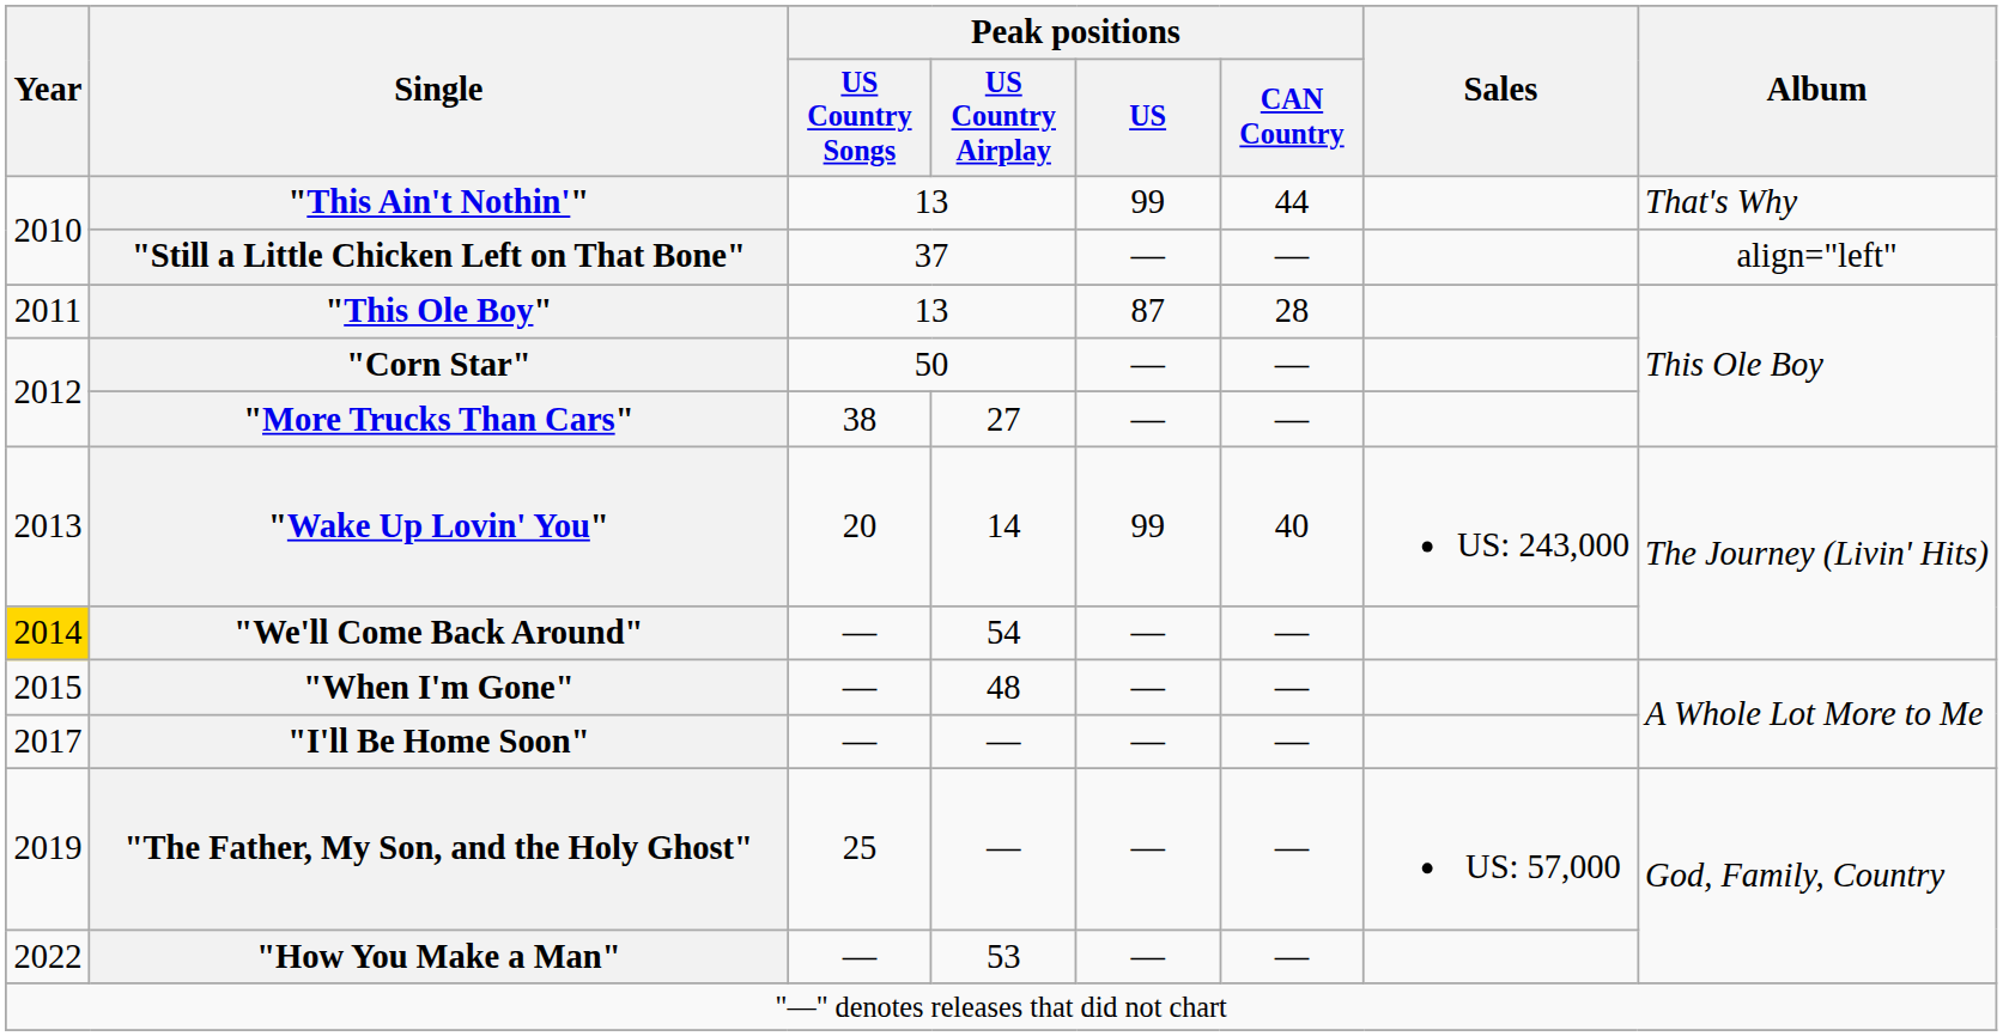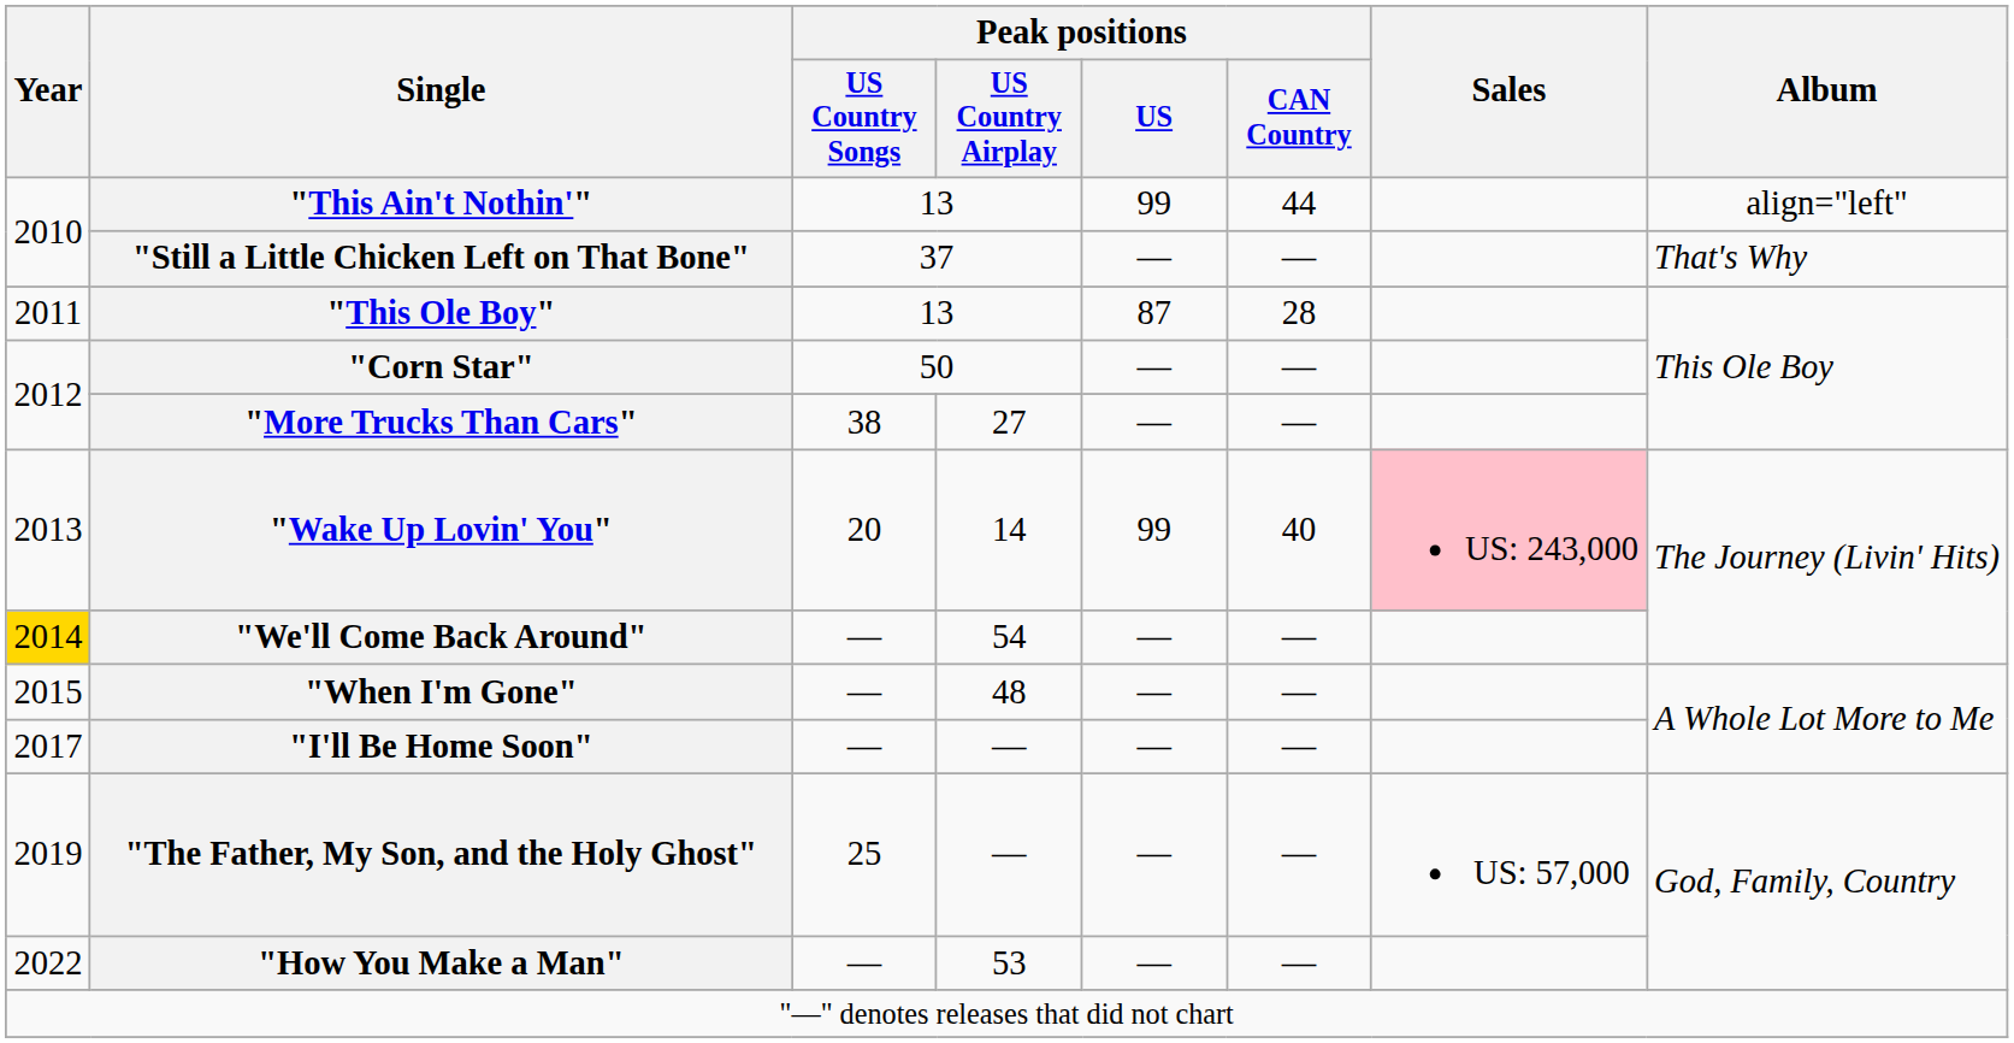 <table class="wikitable plainrowheaders" style="text-align:center;">
 <tr>
 <th scope="col" rowspan="2">Year</th>
 <th scope="col" rowspan="2" style="width:20em;">Single</th>
 <th scope="col" colspan="4">Peak positions</th>
 <th scope="col" rowspan="2">Sales</th>
 <th scope="col" rowspan="2">Album</th>
 </tr>
 <tr>
 <th scope="col" style="width:4.5em;font-size:85%;"><a href='#'>US Country Songs</a><br></th>
 <th scope="col" style="width:4.5em;font-size:85%;"><a href='#'>US Country Airplay</a><br></th>
 <th scope="col" style="width:4.5em;font-size:85%;"><a href='#'>US</a><br></th>
 <th scope="col" style="width:4.5em;font-size:85%;"><a href='#'>CAN Country</a><br></th>
 </tr>
 <tr>
 <td rowspan="2">2010</td>
 <th scope="row">"<a href='#'>This Ain't Nothin'</a>"</th>
 <td colspan="2">13</td>
 <td>99</td>
 <td>44</td>
 <td></td>
-<td align="left"><em>That's Why</em></td>
+<td>align="left" </td>
 </tr>
 <tr>
 <th scope="row">"Still a Little Chicken Left on That Bone"</th>
 <td colspan=2>37</td>
 <td>—</td>
 <td>—</td>
 <td></td>
-<td>align="left" </td>
+<td align="left"><em>That's Why</em></td>
 </tr>
 <tr>
 <td>2011</td>
 <th scope="row">"<a href='#'>This Ole Boy</a>"</th>
 <td colspan=2>13</td>
 <td>87</td>
 <td>28</td>
 <td></td>
 <td align="left" rowspan="3"><em>This Ole Boy</em></td>
 </tr>
 <tr>
 <td rowspan="2">2012</td>
 <th scope="row">"Corn Star"</th>
 <td colspan=2>50</td>
 <td>—</td>
 <td>—</td>
 <td></td>
 </tr>
 <tr>
 <th scope="row">"<a href='#'>More Trucks Than Cars</a>"</th>
 <td>38</td>
 <td>27</td>
 <td>—</td>
 <td>—</td>
 <td></td>
 </tr>
 <tr>
 <td>2013</td>
 <th scope="row">"<a href='#'>Wake Up Lovin' You</a>"</th>
 <td>20</td>
 <td>14</td>
 <td>99</td>
 <td>40</td>
-<td><br><ul><li>US: 243,000</li></ul></td>
+<td style="background: pink;"><br><ul><li>US: 243,000</li></ul></td>
 <td align="left" rowspan="2"><em>The Journey (Livin' Hits)</em></td>
 </tr>
 <tr>
 <td style="background: gold;">2014</td>
 <th scope="row">"We'll Come Back Around"</th>
 <td>—</td>
 <td>54</td>
 <td>—</td>
 <td>—</td>
 <td></td>
 </tr>
 <tr>
 <td>2015</td>
 <th scope="row">"When I'm Gone"</th>
 <td>—</td>
 <td>48</td>
 <td>—</td>
 <td>—</td>
 <td></td>
 <td align="left" rowspan="2"><em>A Whole Lot More to Me</em></td>
 </tr>
 <tr>
 <td>2017</td>
 <th scope="row">"I'll Be Home Soon"</th>
 <td>—</td>
 <td>—</td>
 <td>—</td>
 <td>—</td>
 <td></td>
 </tr>
 <tr>
 <td>2019</td>
 <th scope="row">"The Father, My Son, and the Holy Ghost"</th>
 <td>25</td>
 <td>—</td>
 <td>—</td>
 <td>—</td>
 <td><br><ul><li>US: 57,000</li></ul></td>
 <td align="left" rowspan="2"><em>God, Family, Country</em></td>
 </tr>
 <tr>
 <td>2022</td>
 <th scope="row">"How You Make a Man"</th>
 <td>—</td>
 <td>53</td>
 <td>—</td>
 <td>—</td>
 <td></td>
 </tr>
 <tr>
 <td colspan="8" style="font-size:85%">"—" denotes releases that did not chart</td>
 </tr>
 </table>
